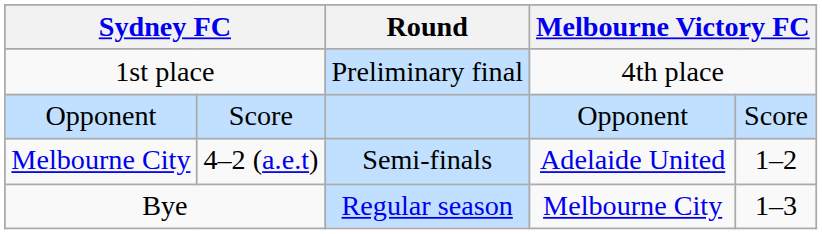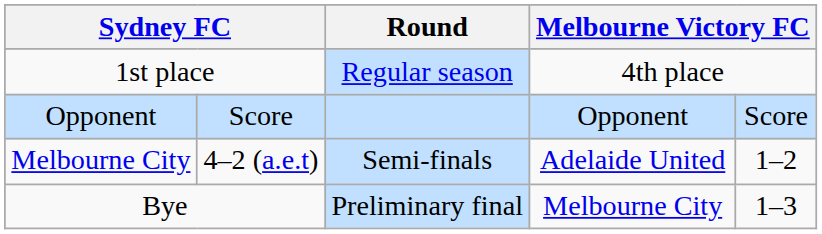 <table class="wikitable" style="text-align:center">
 <tr>
 <th colspan="2"><a href='#'>Sydney FC</a></th>
 <th>Round</th>
 <th colspan="4"><a href='#'>Melbourne Victory FC</a></th>
 </tr>
 <tr>
 <td colspan="2" valign="top">1st place</td>
-<td style="background:#c1e0ff">Preliminary final</td>
+<td style="background:#c1e0ff"><a href='#'>Regular season</a></td>
 <td colspan="4" valign="top">4th place</td>
 </tr>
 <tr>
 <td style="background:#c1e0ff">Opponent</td>
 <td style="background:#c1e0ff">Score</td>
 <td style="background:#c1e0ff"></td>
 <td style="background:#c1e0ff">Opponent</td>
 <td style="background:#c1e0ff">Score</td>
 </tr>
 <tr>
 <td><a href='#'>Melbourne City</a></td>
 <td>4–2 (<a href='#'>a.e.t</a>)</td>
 <td style="background:#c1e0ff">Semi-finals</td>
 <td><a href='#'>Adelaide United</a></td>
 <td>1–2</td>
 </tr>
 <tr>
 <td colspan="2">Bye</td>
-<td style="background:#c1e0ff"><a href='#'>Regular season</a></td>
+<td style="background:#c1e0ff">Preliminary final</td>
 <td><a href='#'>Melbourne City</a></td>
 <td>1–3</td>
 </tr>
 </table>
